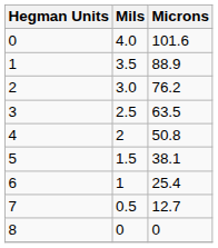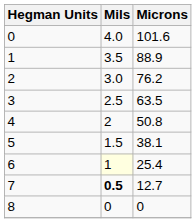 <table class="wikitable">
 <tr>
 <th>Hegman Units</th>
 <th>Mils</th>
 <th>Microns</th>
 </tr>
 <tr>
 <td>0</td>
 <td>4.0</td>
 <td>101.6</td>
 </tr>
 <tr>
 <td>1</td>
 <td>3.5</td>
 <td>88.9</td>
 </tr>
 <tr>
 <td>2</td>
 <td>3.0</td>
 <td>76.2</td>
 </tr>
 <tr>
 <td>3</td>
 <td>2.5</td>
 <td>63.5</td>
 </tr>
 <tr>
 <td>4</td>
 <td>2</td>
 <td>50.8</td>
 </tr>
 <tr>
 <td>5</td>
 <td>1.5</td>
 <td>38.1</td>
 </tr>
 <tr>
 <td>6</td>
-<td>1</td>
+<td style="background: lightyellow;">1</td>
 <td>25.4</td>
 </tr>
 <tr>
 <td>7</td>
-<td>0.5</td>
+<td><strong>0.5</strong></td>
 <td>12.7</td>
 </tr>
 <tr>
 <td>8</td>
 <td>0</td>
 <td>0</td>
 </tr>
 <tr>
 </tr>
 </table>
